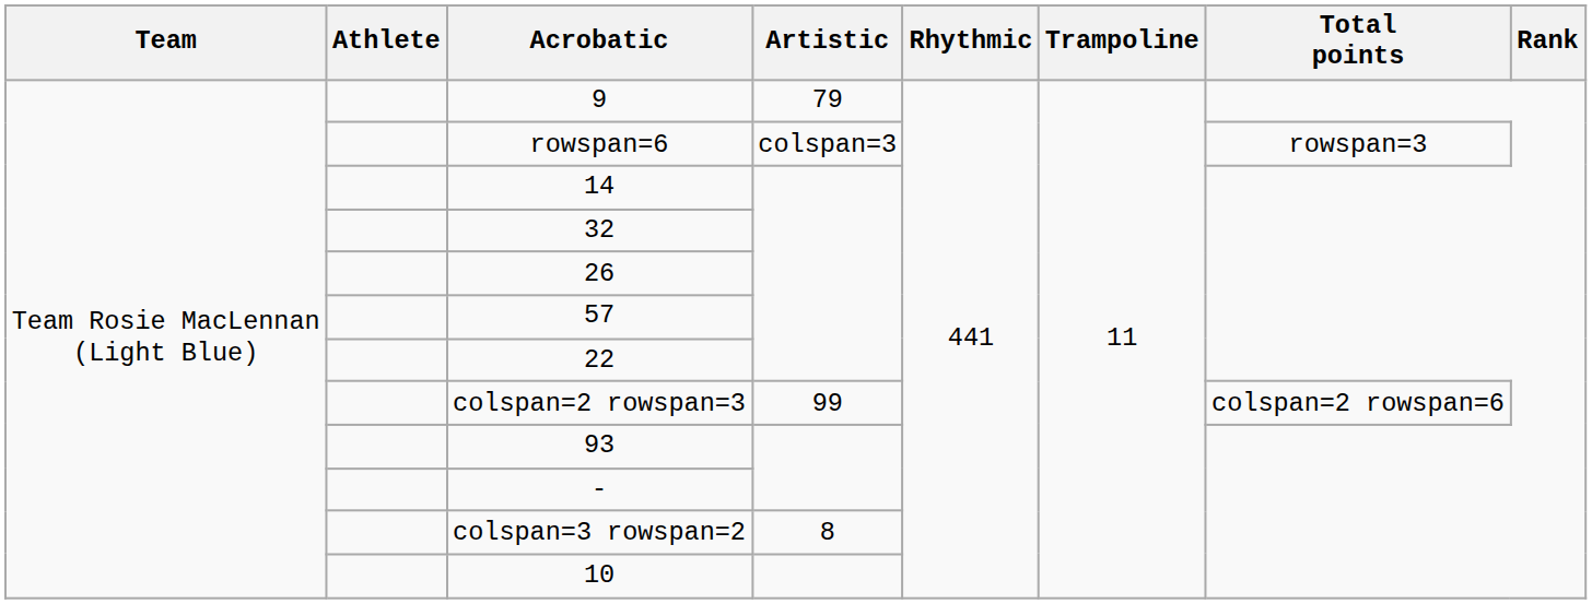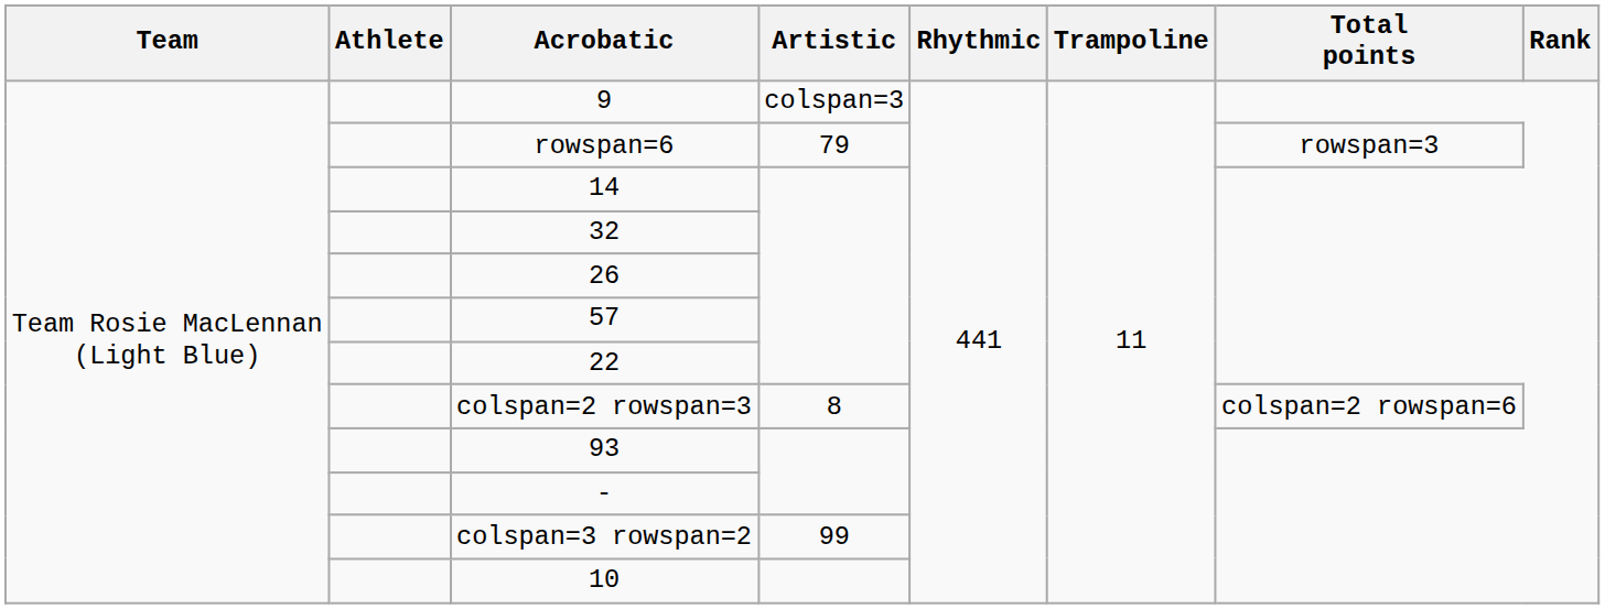 <table class="wikitable" style="text-align:center;font-size:90%">
 <tr>
 <th>Team</th>
 <th>Athlete</th>
 <th>Acrobatic</th>
 <th>Artistic</th>
 <th>Rhythmic</th>
 <th>Trampoline</th>
 <th>Total<br>points</th>
 <th>Rank</th>
 </tr>
 <tr>
 <td rowspan=12>Team Rosie MacLennan<br>(Light Blue)</td>
 <td align=left><br></td>
 <td>9</td>
-<td>79</td>
+<td>colspan=3 </td>
 <td rowspan=12>441</td>
 <td rowspan=12>11</td>
 </tr>
 <tr align=center>
 <td align=left></td>
 <td>rowspan=6 </td>
-<td>colspan=3 </td>
+<td>79</td>
 <td>rowspan=3 </td>
 </tr>
 <tr align=center>
 <td align=left></td>
 <td>14</td>
 </tr>
 <tr align=center>
 <td align=left></td>
 <td>32</td>
 </tr>
 <tr align=center>
 <td align=left></td>
 <td>26</td>
 </tr>
 <tr align=center>
 <td align=left></td>
 <td>57</td>
 </tr>
 <tr align=center>
 <td align=left></td>
 <td>22</td>
 </tr>
 <tr align=center>
 <td align=left></td>
 <td>colspan=2 rowspan=3 </td>
-<td>99</td>
+<td>8</td>
 <td>colspan=2 rowspan=6 </td>
 </tr>
 <tr align=center>
 <td align=left></td>
 <td>93</td>
 </tr>
 <tr align=center>
 <td align=left></td>
 <td>-</td>
 </tr>
 <tr align=center>
 <td align=left></td>
 <td>colspan=3 rowspan=2 </td>
-<td>8</td>
+<td>99</td>
 </tr>
 <tr align=center>
 <td align=left></td>
 <td>10</td>
 </tr>
 </table>
